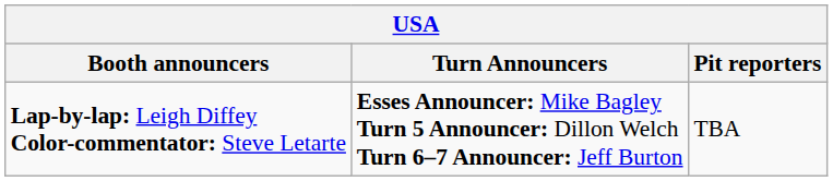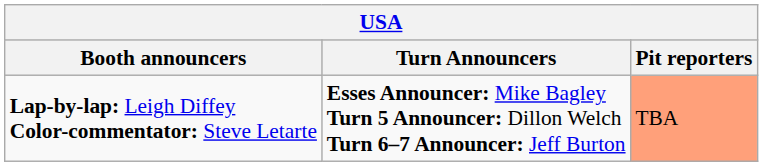 <table class="wikitable" style="font-size: 95%">
 <tr>
 <th colspan="3"><a href='#'>USA</a></th>
 </tr>
 <tr>
 <th>Booth announcers</th>
 <th>Turn Announcers</th>
 <th>Pit reporters</th>
 </tr>
 <tr>
 <td><strong>Lap-by-lap:</strong> <a href='#'>Leigh Diffey</a><br><strong>Color-commentator:</strong> <a href='#'>Steve Letarte</a></td>
 <td><strong>Esses Announcer:</strong> <a href='#'>Mike Bagley</a><br><strong>Turn 5 Announcer:</strong> Dillon Welch<br><strong>Turn 6–7 Announcer:</strong> <a href='#'>Jeff Burton</a></td>
-<td>TBA</td>
+<td style="background: lightsalmon;">TBA</td>
 </tr>
 </table>
